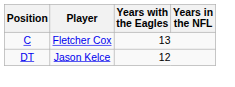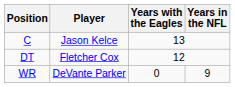 <table class="wikitable" style="text-align:center">
 <tr>
 <th>Position</th>
 <th>Player</th>
 <th>Years with<br>the Eagles</th>
 <th>Years in<br>the NFL</th>
 </tr>
 <tr>
 <td><a href='#'>C</a></td>
-<td><a href='#'>Fletcher Cox</a></td>
+<td><a href='#'>Jason Kelce</a></td>
 <td colspan=2>13</td>
 </tr>
 <tr>
 <td><a href='#'>DT</a></td>
-<td><a href='#'>Jason Kelce</a></td>
+<td><a href='#'>Fletcher Cox</a></td>
 <td colspan=2>12</td>
 </tr>
+<tr>
+<td><a href='#'>WR</a></td>
+<td><a href='#'>DeVante Parker</a></td>
+<td>0</td>
+<td>9</td>
+</tr>
 </table>
